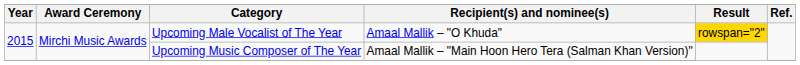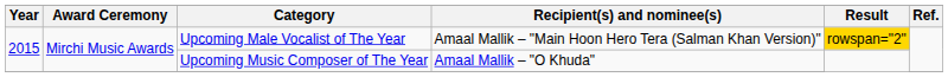 <table class="wikitable sortable">
 <tr style="background:#ccc; text-align:center;" bgcolor="#B0C4DE">
 </tr>
 <tr>
 <th>Year</th>
 <th>Award Ceremony</th>
 <th>Category</th>
 <th>Recipient(s) and nominee(s)</th>
 <th>Result</th>
 <th>Ref.</th>
 </tr>
 <tr>
 <td rowspan="2"><a href='#'>2015</a></td>
 <td rowspan="2"><a href='#'>Mirchi Music Awards</a></td>
 <td><a href='#'>Upcoming Male Vocalist of The Year</a></td>
-<td><a href='#'>Amaal Mallik</a> – "O Khuda"</td>
+<td>Amaal Mallik – "Main Hoon Hero Tera (Salman Khan Version)"</td>
 <td style="background: gold;">rowspan="2" </td>
 <td rowspan="2"></td>
 </tr>
 <tr>
 <td><a href='#'>Upcoming Music Composer of The Year</a></td>
-<td>Amaal Mallik – "Main Hoon Hero Tera (Salman Khan Version)"</td>
+<td><a href='#'>Amaal Mallik</a> – "O Khuda"</td>
 </tr>
 <tr>
 </tr>
 </table>
